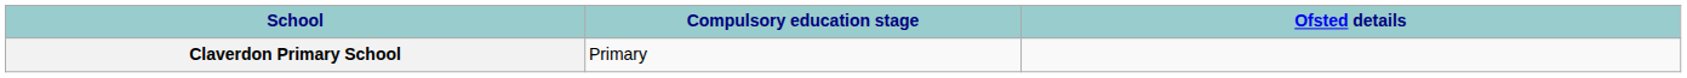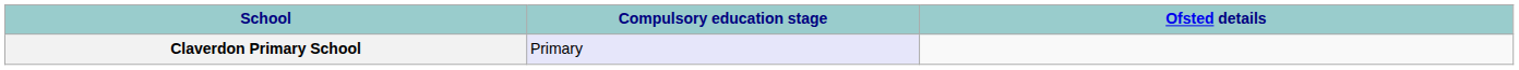 <table class="wikitable sortable" style="font-size:90%;width:90%;border:0px;text-align:left;line-height:150%;">
 <tr>
 <th style="background: #99CCCC; color: #000080" height="17" width="175">School</th>
 <th style="background: #99CCCC; color: #000080" height="17" width="130">Compulsory education stage</th>
 <th style="background: #99CCCC; color: #000080" height="17" width="200"><a href='#'>Ofsted</a> details</th>
 </tr>
 <tr>
 <th>Claverdon Primary School</th>
-<td>Primary</td>
+<td style="background: lavender;">Primary</td>
 <td></td>
 </tr>
 <tr>
 </tr>
 </table>
